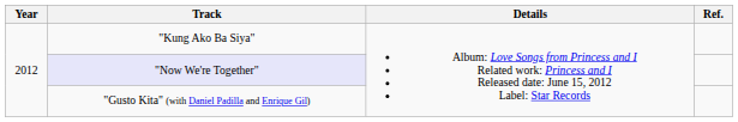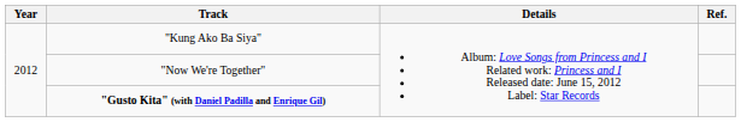 <table class="wikitable" style="text-align:center" width=80%>
 <tr>
 <th>Year</th>
 <th>Track</th>
 <th>Details</th>
 <th>Ref.</th>
 </tr>
 <tr>
 <td rowspan=3>2012</td>
 <td>"Kung Ako Ba Siya"</td>
 <td rowspan=3><br><ul><li>Album: <em><a href='#'>Love Songs from Princess and I</a></em></li><li>Related work: <em><a href='#'>Princess and I</a></em></li><li>Released date: June 15, 2012</li><li>Label: <a href='#'>Star Records</a></li></ul></td>
 <td></td>
 </tr>
 <tr>
-<td style="background: lavender;">"Now We're Together"</td>
+<td>"Now We're Together"</td>
 <td></td>
 </tr>
 <tr>
-<td>"Gusto Kita" <small>(with <a href='#'>Daniel Padilla</a> and <a href='#'>Enrique Gil</a>)</small></td>
+<td><strong>"Gusto Kita" <small>(with <a href='#'>Daniel Padilla</a> and <a href='#'>Enrique Gil</a>)</small></strong></td>
 <td></td>
 </tr>
 </table>
